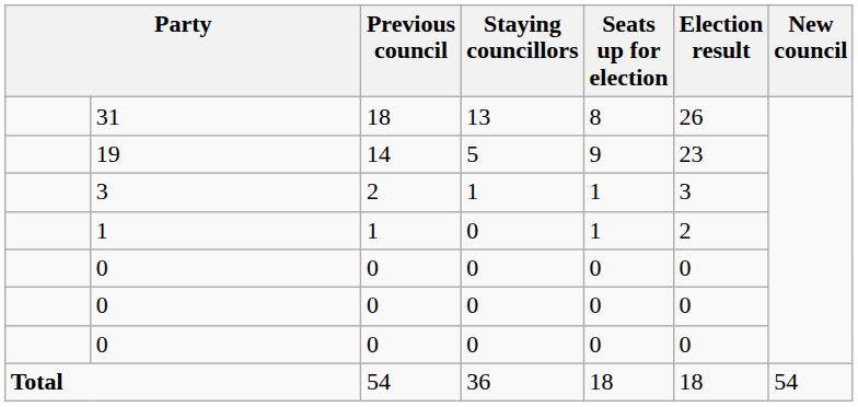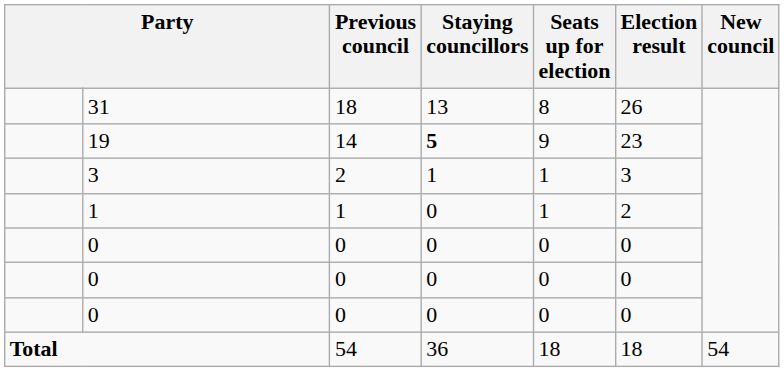 <table class="wikitable">
 <tr>
 <th valign=top colspan="2" style="width: 230px">Party</th>
 <th valign=top style="width: 30px">Previous council</th>
 <th valign=top style="width: 30px">Staying councillors</th>
 <th valign=top style="width: 30px">Seats up for election</th>
 <th valign=top style="width: 30px">Election result</th>
 <th valign=top style="width: 30px">New council</th>
 </tr>
 <tr>
 <td></td>
 <td>31</td>
 <td>18</td>
 <td>13</td>
 <td>8</td>
 <td>26</td>
 </tr>
 <tr>
 <td></td>
 <td>19</td>
 <td>14</td>
-<td>5</td>
+<td><strong>5</strong></td>
 <td>9</td>
 <td>23</td>
 </tr>
 <tr>
 <td></td>
 <td>3</td>
 <td>2</td>
 <td>1</td>
 <td>1</td>
 <td>3</td>
 </tr>
 <tr>
 <td></td>
 <td>1</td>
 <td>1</td>
 <td>0</td>
 <td>1</td>
 <td>2</td>
 </tr>
 <tr>
 <td></td>
 <td>0</td>
 <td>0</td>
 <td>0</td>
 <td>0</td>
 <td>0</td>
 </tr>
 <tr>
 <td></td>
 <td>0</td>
 <td>0</td>
 <td>0</td>
 <td>0</td>
 <td>0</td>
 </tr>
 <tr>
 <td></td>
 <td>0</td>
 <td>0</td>
 <td>0</td>
 <td>0</td>
 <td>0</td>
 </tr>
 <tr>
 <td colspan="2"><strong>Total</strong></td>
 <td>54</td>
 <td>36</td>
 <td>18</td>
 <td>18</td>
 <td>54</td>
 </tr>
 </table>
